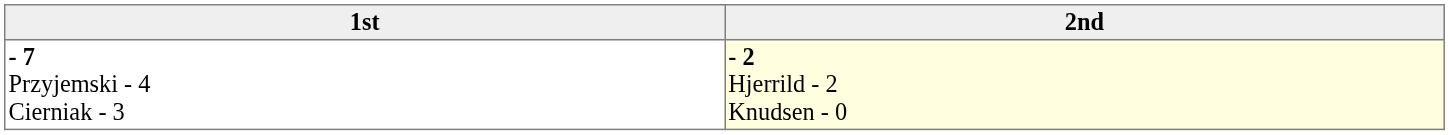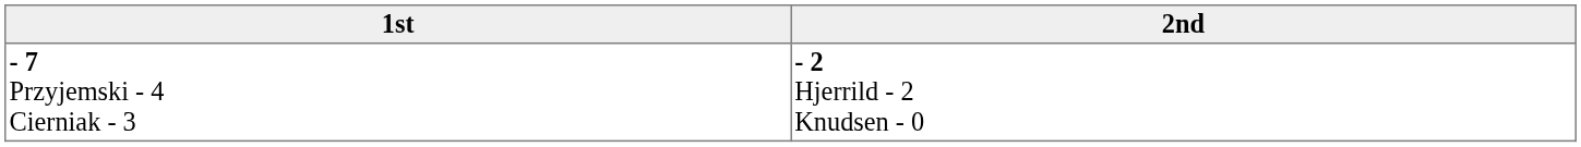 <table border="1" cellpadding="2" cellspacing="0"  style="width:75%; border-collapse:collapse;">
 <tr style="text-align:left; background:#efefef;">
 <th width=15% align=center >1st</th>
 <th width=15% align=center >2nd</th>
 </tr>
 <tr align=left>
 <td valign=top align=left ><strong> - 7</strong><br>Przyjemski - 4<br>Cierniak - 3</td>
-<td valign=top align=left  style="background: lightyellow;"><strong> - 2</strong><br>Hjerrild - 2<br>Knudsen - 0</td>
+<td valign=top align=left ><strong> - 2</strong><br>Hjerrild - 2<br>Knudsen - 0</td>
 </tr>
 </table>
